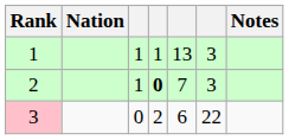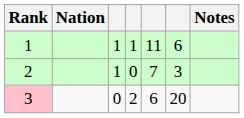 <table class="wikitable sortable" style="text-align: center;">
 <tr>
 <th>Rank</th>
 <th>Nation</th>
 <th></th>
 <th></th>
 <th></th>
 <th></th>
 <th>Notes</th>
 </tr>
 <tr style="background:#cfc;">
 <td>1</td>
 <td align=left></td>
 <td>1</td>
 <td>1</td>
-<td>13</td>
-<td>3</td>
+<td>11</td>
+<td>6</td>
 <td></td>
 </tr>
 <tr style="background:#cfc;">
 <td>2</td>
 <td align=left></td>
 <td>1</td>
-<td><strong>0</strong></td>
+<td>0</td>
 <td>7</td>
 <td>3</td>
 <td></td>
 </tr>
 <tr>
 <td style="background: pink;">3</td>
 <td align=left></td>
 <td>0</td>
 <td>2</td>
 <td>6</td>
-<td>22</td>
+<td>20</td>
 <td></td>
 </tr>
 </table>
